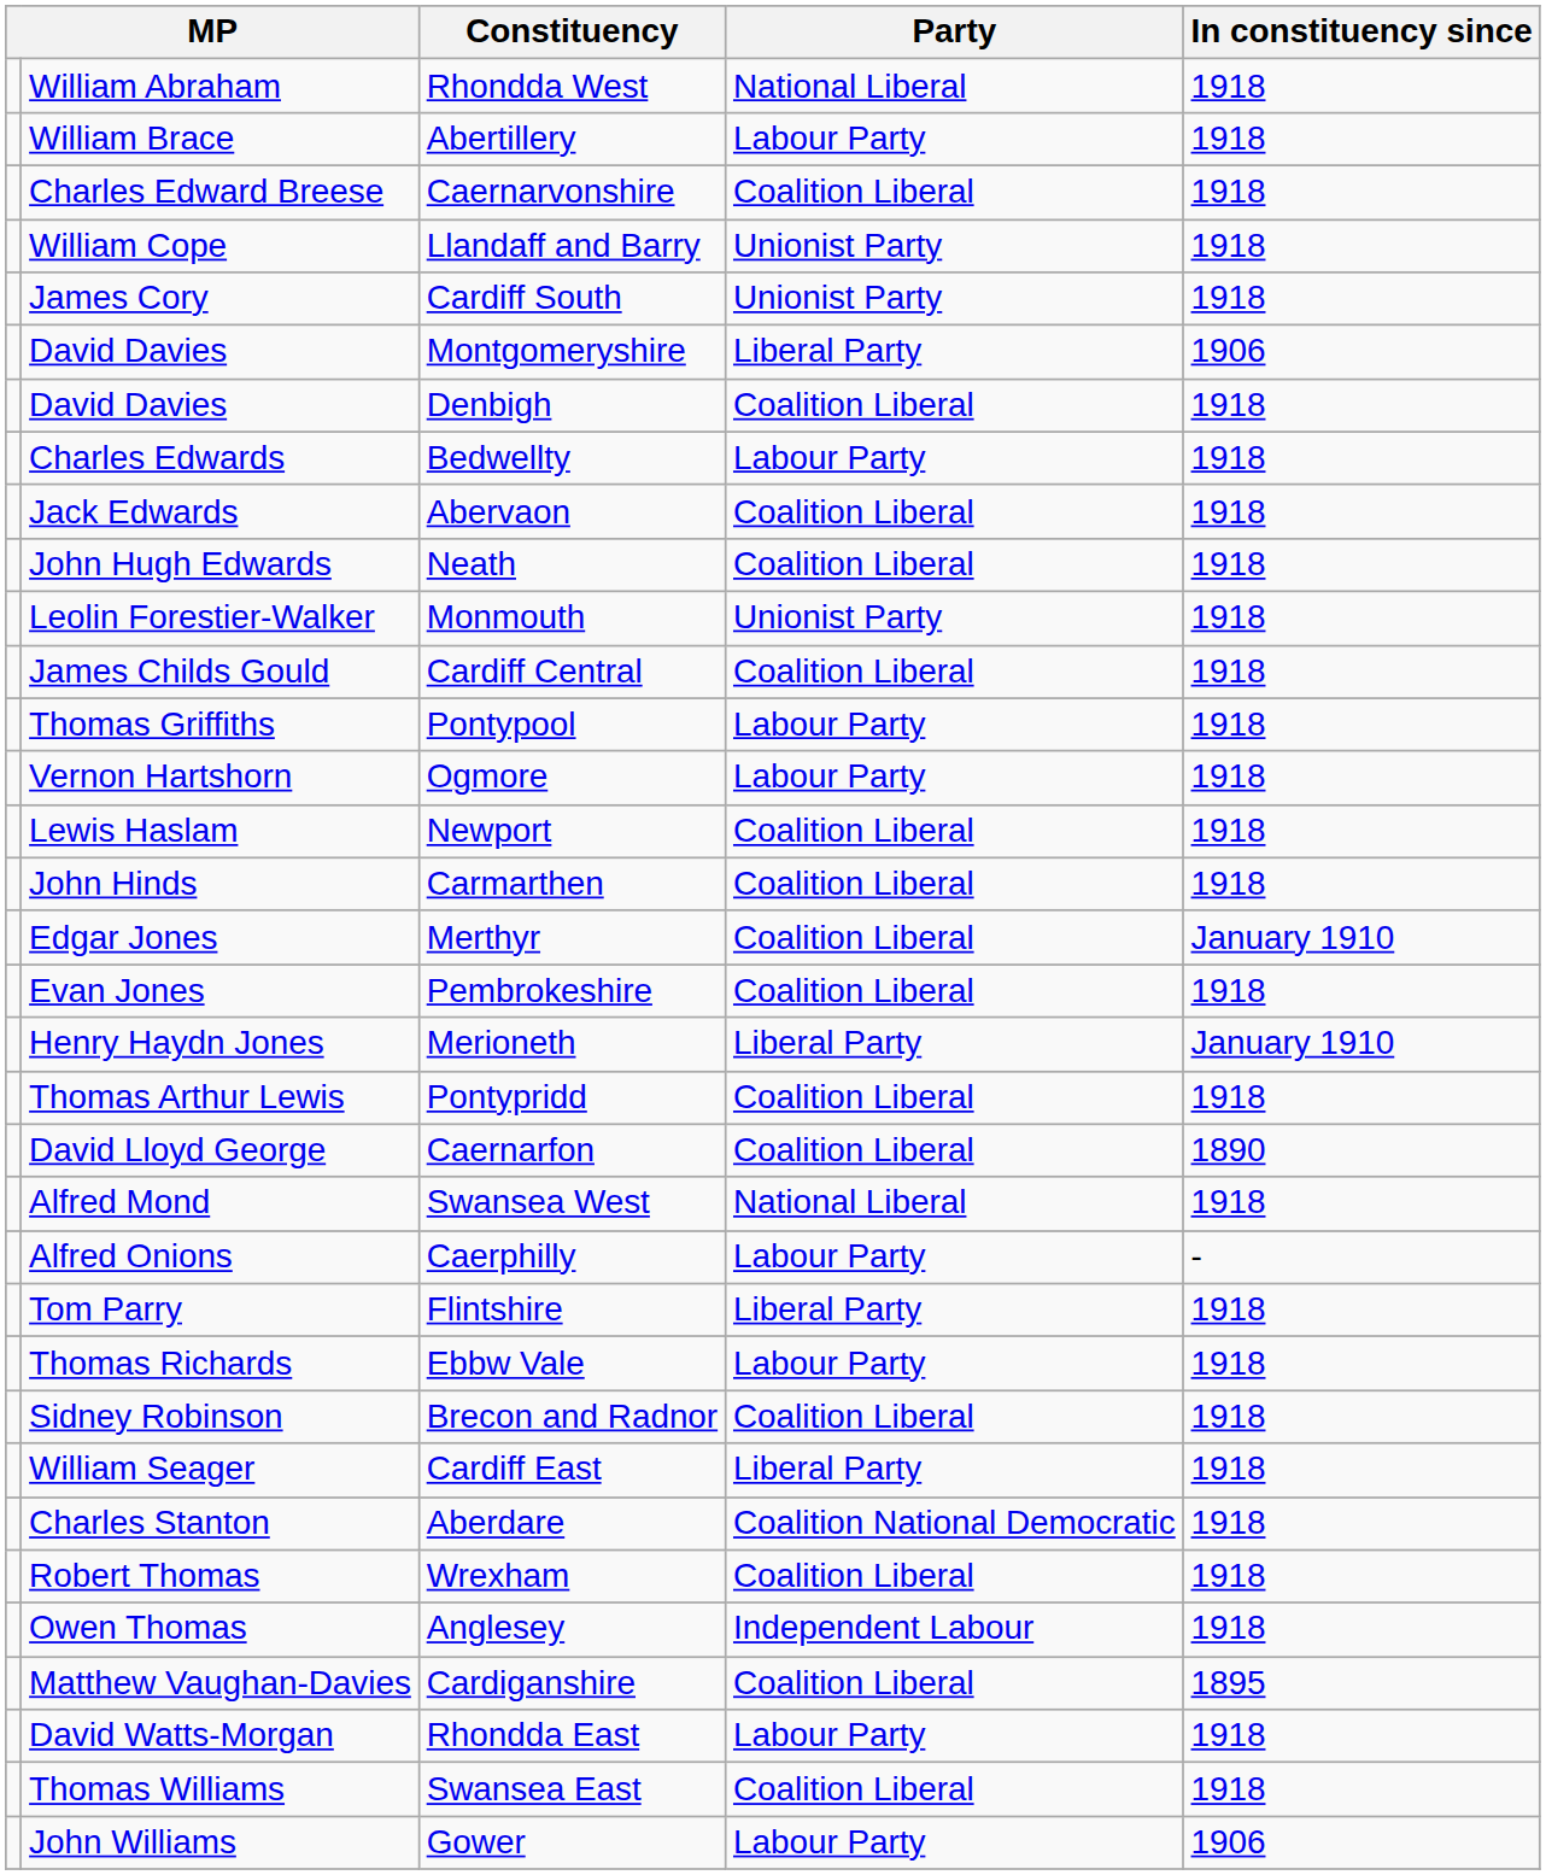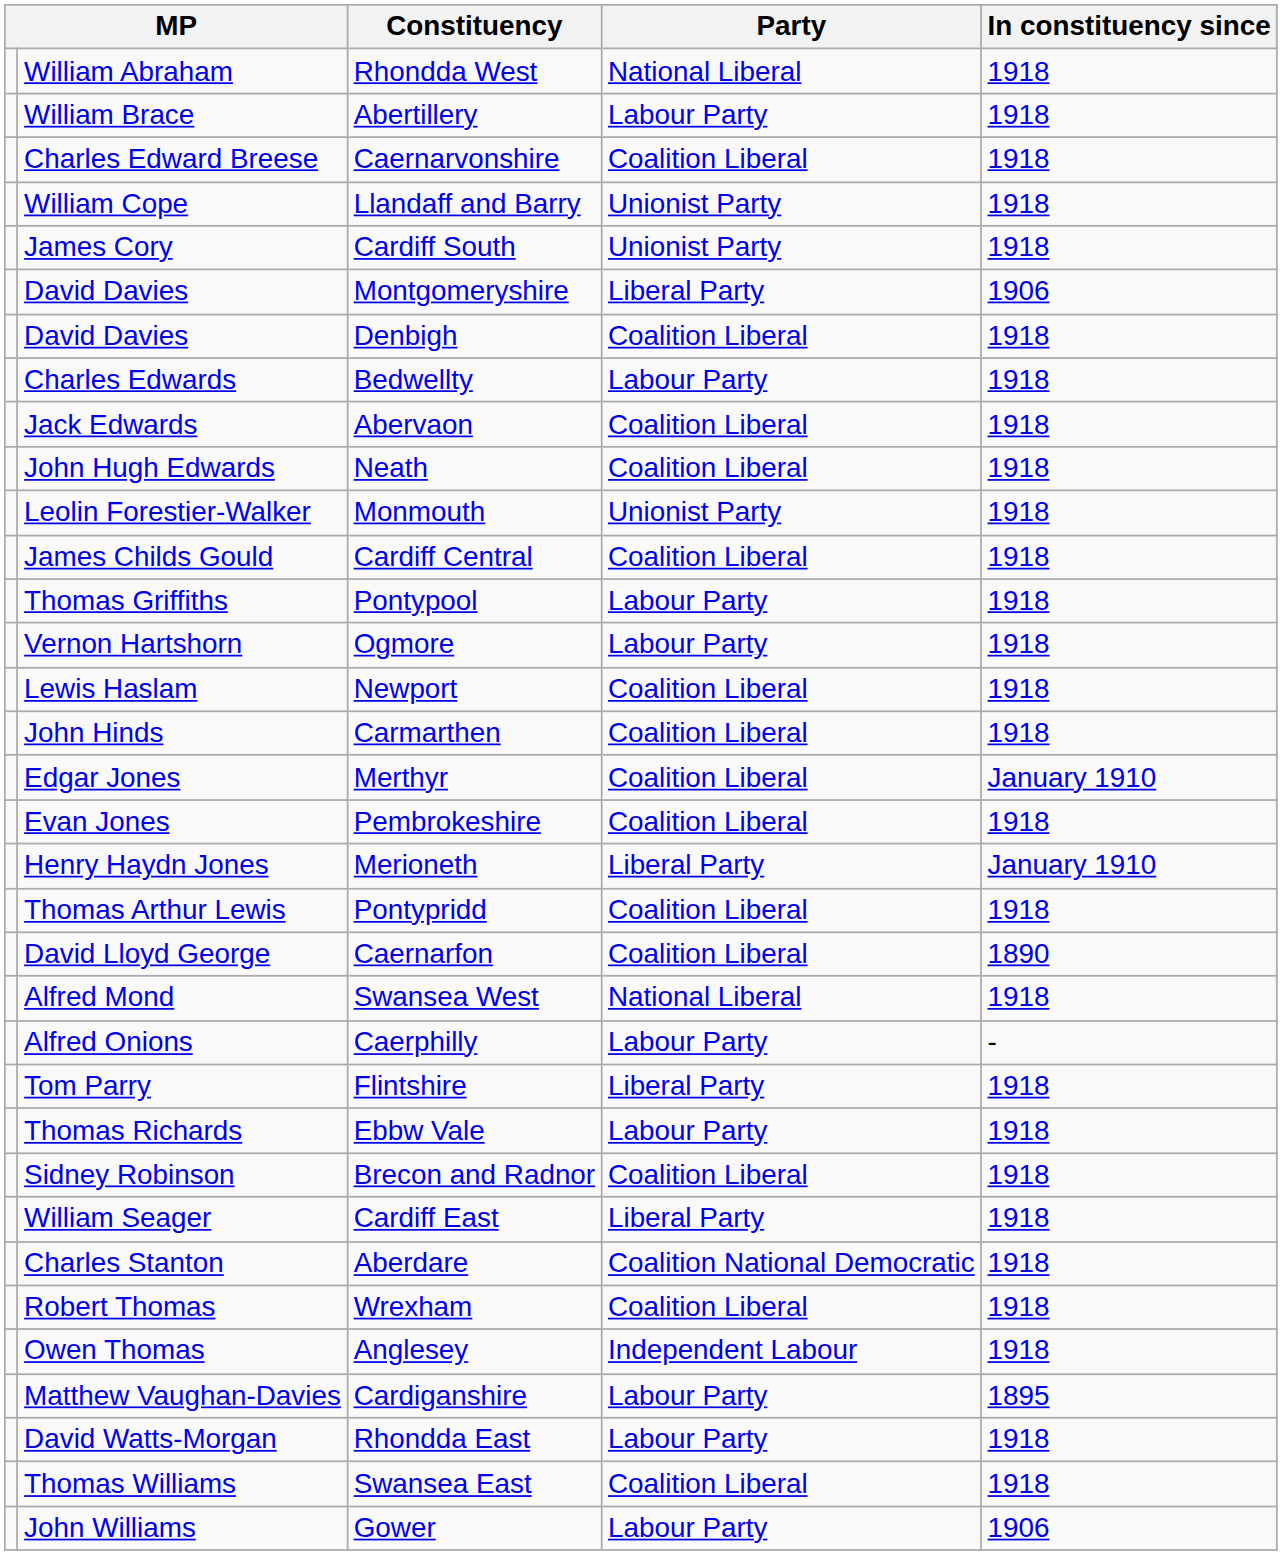 <table class="wikitable sortable">
 <tr>
 <th colspan="2">MP</th>
 <th>Constituency</th>
 <th>Party</th>
 <th>In constituency since</th>
 </tr>
 <tr>
 <td style="color:inherit;background-color: "></td>
 <td><a href='#'>William Abraham</a></td>
 <td><a href='#'>Rhondda West</a></td>
 <td><a href='#'>National Liberal</a></td>
 <td><a href='#'>1918</a></td>
 </tr>
 <tr>
 <td style="color:inherit;background-color: "></td>
 <td><a href='#'>William Brace</a></td>
 <td><a href='#'>Abertillery</a></td>
 <td><a href='#'>Labour Party</a></td>
 <td><a href='#'>1918</a></td>
 </tr>
 <tr>
 <td style="color:inherit;background-color: "></td>
 <td><a href='#'>Charles Edward Breese</a></td>
 <td><a href='#'>Caernarvonshire</a></td>
 <td><a href='#'>Coalition Liberal</a></td>
 <td><a href='#'>1918</a></td>
 </tr>
 <tr>
 <td style="color:inherit;background-color: "></td>
 <td><a href='#'>William Cope</a></td>
 <td><a href='#'>Llandaff and Barry</a></td>
 <td><a href='#'>Unionist Party</a></td>
 <td><a href='#'>1918</a></td>
 </tr>
 <tr>
 <td style="color:inherit;background-color: "></td>
 <td><a href='#'>James Cory</a></td>
 <td><a href='#'>Cardiff South</a></td>
 <td><a href='#'>Unionist Party</a></td>
 <td><a href='#'>1918</a></td>
 </tr>
 <tr>
 <td style="color:inherit;background-color: "></td>
 <td><a href='#'>David Davies</a></td>
 <td><a href='#'>Montgomeryshire</a></td>
 <td><a href='#'>Liberal Party</a></td>
 <td><a href='#'>1906</a></td>
 </tr>
 <tr>
 <td style="color:inherit;background-color: "></td>
 <td><a href='#'>David Davies</a></td>
 <td><a href='#'>Denbigh</a></td>
 <td><a href='#'>Coalition Liberal</a></td>
 <td><a href='#'>1918</a></td>
 </tr>
 <tr>
 <td style="color:inherit;background-color: "></td>
 <td><a href='#'>Charles Edwards</a></td>
 <td><a href='#'>Bedwellty</a></td>
 <td><a href='#'>Labour Party</a></td>
 <td><a href='#'>1918</a></td>
 </tr>
 <tr>
 <td style="color:inherit;background-color: "></td>
 <td><a href='#'>Jack Edwards</a></td>
 <td><a href='#'>Abervaon</a></td>
 <td><a href='#'>Coalition Liberal</a></td>
 <td><a href='#'>1918</a></td>
 </tr>
 <tr>
 <td style="color:inherit;background-color: "></td>
 <td><a href='#'>John Hugh Edwards</a></td>
 <td><a href='#'>Neath</a></td>
 <td><a href='#'>Coalition Liberal</a></td>
 <td><a href='#'>1918</a></td>
 </tr>
 <tr>
 <td style="color:inherit;background-color: "></td>
 <td><a href='#'>Leolin Forestier-Walker</a></td>
 <td><a href='#'>Monmouth</a></td>
 <td><a href='#'>Unionist Party</a></td>
 <td><a href='#'>1918</a></td>
 </tr>
 <tr>
 <td style="color:inherit;background-color: "></td>
 <td><a href='#'>James Childs Gould</a></td>
 <td><a href='#'>Cardiff Central</a></td>
 <td><a href='#'>Coalition Liberal</a></td>
 <td><a href='#'>1918</a></td>
 </tr>
 <tr>
 <td style="color:inherit;background-color: "></td>
 <td><a href='#'>Thomas Griffiths</a></td>
 <td><a href='#'>Pontypool</a></td>
 <td><a href='#'>Labour Party</a></td>
 <td><a href='#'>1918</a></td>
 </tr>
 <tr>
 <td style="color:inherit;background-color: "></td>
 <td><a href='#'>Vernon Hartshorn</a></td>
 <td><a href='#'>Ogmore</a></td>
 <td><a href='#'>Labour Party</a></td>
 <td><a href='#'>1918</a></td>
 </tr>
 <tr>
 <td style="color:inherit;background-color: "></td>
 <td><a href='#'>Lewis Haslam</a></td>
 <td><a href='#'>Newport</a></td>
 <td><a href='#'>Coalition Liberal</a></td>
 <td><a href='#'>1918</a></td>
 </tr>
 <tr>
 <td style="color:inherit;background-color: "></td>
 <td><a href='#'>John Hinds</a></td>
 <td><a href='#'>Carmarthen</a></td>
 <td><a href='#'>Coalition Liberal</a></td>
 <td><a href='#'>1918</a></td>
 </tr>
 <tr>
 <td style="color:inherit;background-color: "></td>
 <td><a href='#'>Edgar Jones</a></td>
 <td><a href='#'>Merthyr</a></td>
 <td><a href='#'>Coalition Liberal</a></td>
 <td><a href='#'>January 1910</a></td>
 </tr>
 <tr>
 <td style="color:inherit;background-color: "></td>
 <td><a href='#'>Evan Jones</a></td>
 <td><a href='#'>Pembrokeshire</a></td>
 <td><a href='#'>Coalition Liberal</a></td>
 <td><a href='#'>1918</a></td>
 </tr>
 <tr>
 <td style="color:inherit;background-color: "></td>
 <td><a href='#'>Henry Haydn Jones</a></td>
 <td><a href='#'>Merioneth</a></td>
 <td><a href='#'>Liberal Party</a></td>
 <td><a href='#'>January 1910</a></td>
 </tr>
 <tr>
 <td style="color:inherit;background-color: "></td>
 <td><a href='#'>Thomas Arthur Lewis</a></td>
 <td><a href='#'>Pontypridd</a></td>
 <td><a href='#'>Coalition Liberal</a></td>
 <td><a href='#'>1918</a></td>
 </tr>
 <tr>
 <td style="color:inherit;background-color: "></td>
 <td><a href='#'>David Lloyd George</a></td>
 <td><a href='#'>Caernarfon</a></td>
 <td><a href='#'>Coalition Liberal</a></td>
 <td><a href='#'>1890</a></td>
 </tr>
 <tr>
 <td style="color:inherit;background-color: "></td>
 <td><a href='#'>Alfred Mond</a></td>
 <td><a href='#'>Swansea West</a></td>
 <td><a href='#'>National Liberal</a></td>
 <td><a href='#'>1918</a></td>
 </tr>
 <tr>
 <td style="color:inherit;background-color: "></td>
 <td><a href='#'>Alfred Onions</a></td>
 <td><a href='#'>Caerphilly</a></td>
 <td><a href='#'>Labour Party</a></td>
 <td>-</td>
 </tr>
 <tr>
 <td style="color:inherit;background-color: "></td>
 <td><a href='#'>Tom Parry</a></td>
 <td><a href='#'>Flintshire</a></td>
 <td><a href='#'>Liberal Party</a></td>
 <td><a href='#'>1918</a></td>
 </tr>
 <tr>
 <td style="color:inherit;background-color: "></td>
 <td><a href='#'>Thomas Richards</a></td>
 <td><a href='#'>Ebbw Vale</a></td>
 <td><a href='#'>Labour Party</a></td>
 <td><a href='#'>1918</a></td>
 </tr>
 <tr>
 <td style="color:inherit;background-color: "></td>
 <td><a href='#'>Sidney Robinson</a></td>
 <td><a href='#'>Brecon and Radnor</a></td>
 <td><a href='#'>Coalition Liberal</a></td>
 <td><a href='#'>1918</a></td>
 </tr>
 <tr>
 <td style="color:inherit;background-color: "></td>
 <td><a href='#'>William Seager</a></td>
 <td><a href='#'>Cardiff East</a></td>
 <td><a href='#'>Liberal Party</a></td>
 <td><a href='#'>1918</a></td>
 </tr>
 <tr>
 <td style="color:inherit;background-color: "></td>
 <td><a href='#'>Charles Stanton</a></td>
 <td><a href='#'>Aberdare</a></td>
 <td><a href='#'>Coalition National Democratic</a></td>
 <td><a href='#'>1918</a></td>
 </tr>
 <tr>
 <td style="color:inherit;background-color: "></td>
 <td><a href='#'>Robert Thomas</a></td>
 <td><a href='#'>Wrexham</a></td>
 <td><a href='#'>Coalition Liberal</a></td>
 <td><a href='#'>1918</a></td>
 </tr>
 <tr>
 <td style="color:inherit;background-color: "></td>
 <td><a href='#'>Owen Thomas</a></td>
 <td><a href='#'>Anglesey</a></td>
 <td><a href='#'>Independent Labour</a></td>
 <td><a href='#'>1918</a></td>
 </tr>
 <tr>
 <td style="color:inherit;background-color: "></td>
 <td><a href='#'>Matthew Vaughan-Davies</a></td>
 <td><a href='#'>Cardiganshire</a></td>
-<td><a href='#'>Coalition Liberal</a></td>
+<td><a href='#'>Labour Party</a></td>
 <td><a href='#'>1895</a></td>
 </tr>
 <tr>
 <td style="color:inherit;background-color: "></td>
 <td><a href='#'>David Watts-Morgan</a></td>
 <td><a href='#'>Rhondda East</a></td>
 <td><a href='#'>Labour Party</a></td>
 <td><a href='#'>1918</a></td>
 </tr>
 <tr>
 <td style="color:inherit;background-color: "></td>
 <td><a href='#'>Thomas Williams</a></td>
 <td><a href='#'>Swansea East</a></td>
 <td><a href='#'>Coalition Liberal</a></td>
 <td><a href='#'>1918</a></td>
 </tr>
 <tr>
 <td style="color:inherit;background-color: "></td>
 <td><a href='#'>John Williams</a></td>
 <td><a href='#'>Gower</a></td>
 <td><a href='#'>Labour Party</a></td>
 <td><a href='#'>1906</a></td>
 </tr>
 </table>
